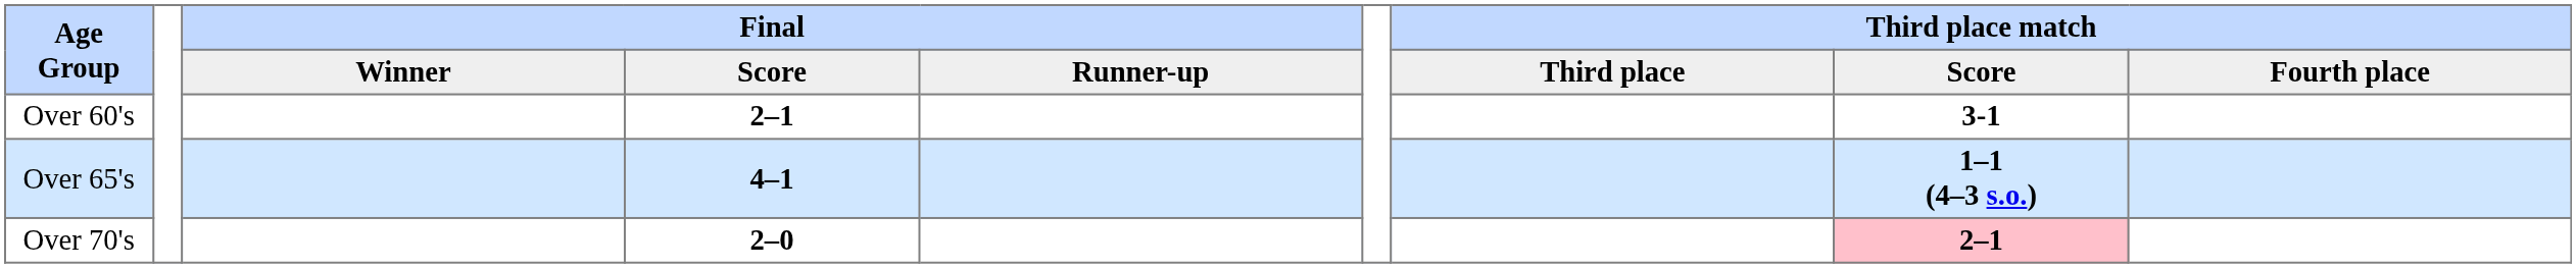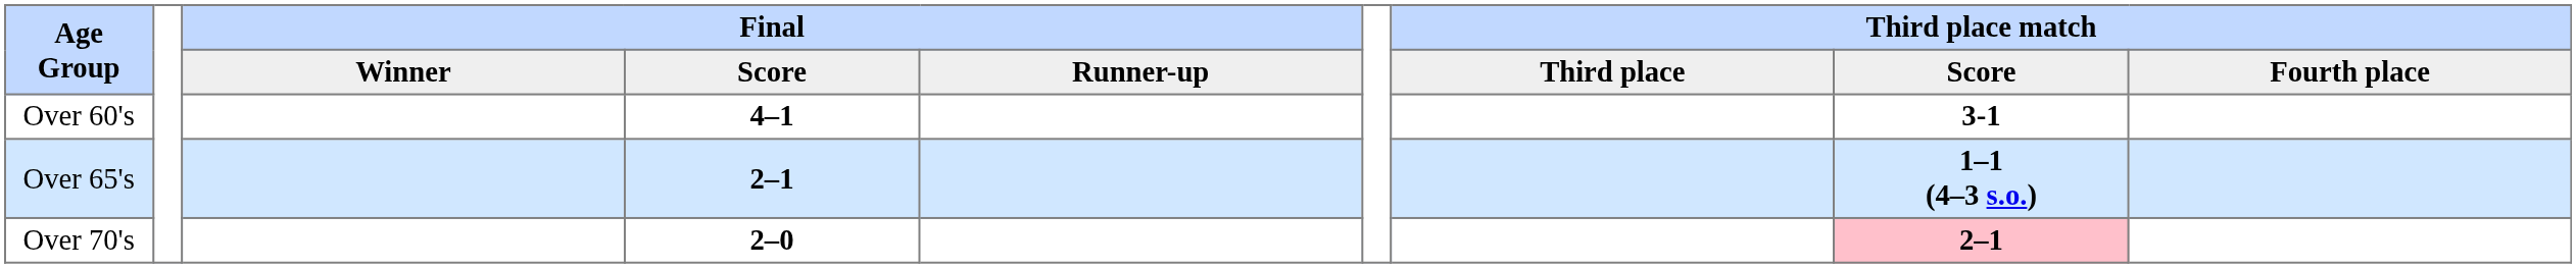 <table border=1 style="border-collapse:collapse; font-size:90%; text-align:center" cellpadding=2 cellspacing=0>
 <tr bgcolor=#C1D8FF>
 <th rowspan=2 width=5%>Age Group</th>
 <th width=1% rowspan=17 bgcolor=ffffff></th>
 <th colspan=3>Final</th>
 <th width=1% rowspan=17 bgcolor=ffffff></th>
 <th colspan=3>Third place match</th>
 </tr>
 <tr bgcolor=#EFEFEF>
 <th width=15%>Winner</th>
 <th width=10%>Score</th>
 <th width=15%>Runner-up</th>
 <th width=15%>Third place</th>
 <th width=10%>Score</th>
 <th width=15%>Fourth place</th>
 </tr>
 <tr>
 <td>Over 60's</td>
 <td><strong></strong></td>
-<td><strong>2–1</strong></td>
+<td><strong>4–1</strong></td>
 <td><strong></strong></td>
 <td><strong></strong></td>
 <td><strong>3-1</strong></td>
 <td><strong></strong></td>
 </tr>
 <tr bgcolor=#D0E7FF>
 <td>Over 65's</td>
 <td><strong></strong></td>
-<td><strong>4–1</strong></td>
+<td><strong>2–1</strong></td>
 <td><strong></strong></td>
 <td><strong></strong></td>
 <td><strong>1–1<br>(4–3 <a href='#'>s.o.</a>)</strong></td>
 <td><strong></strong></td>
 </tr>
 <tr>
 <td>Over 70's</td>
 <td><strong></strong></td>
 <td><strong>2–0</strong></td>
 <td><strong></strong></td>
 <td><strong></strong></td>
 <td style="background: pink;"><strong>2–1</strong></td>
 <td><strong></strong></td>
 </tr>
 </table>
